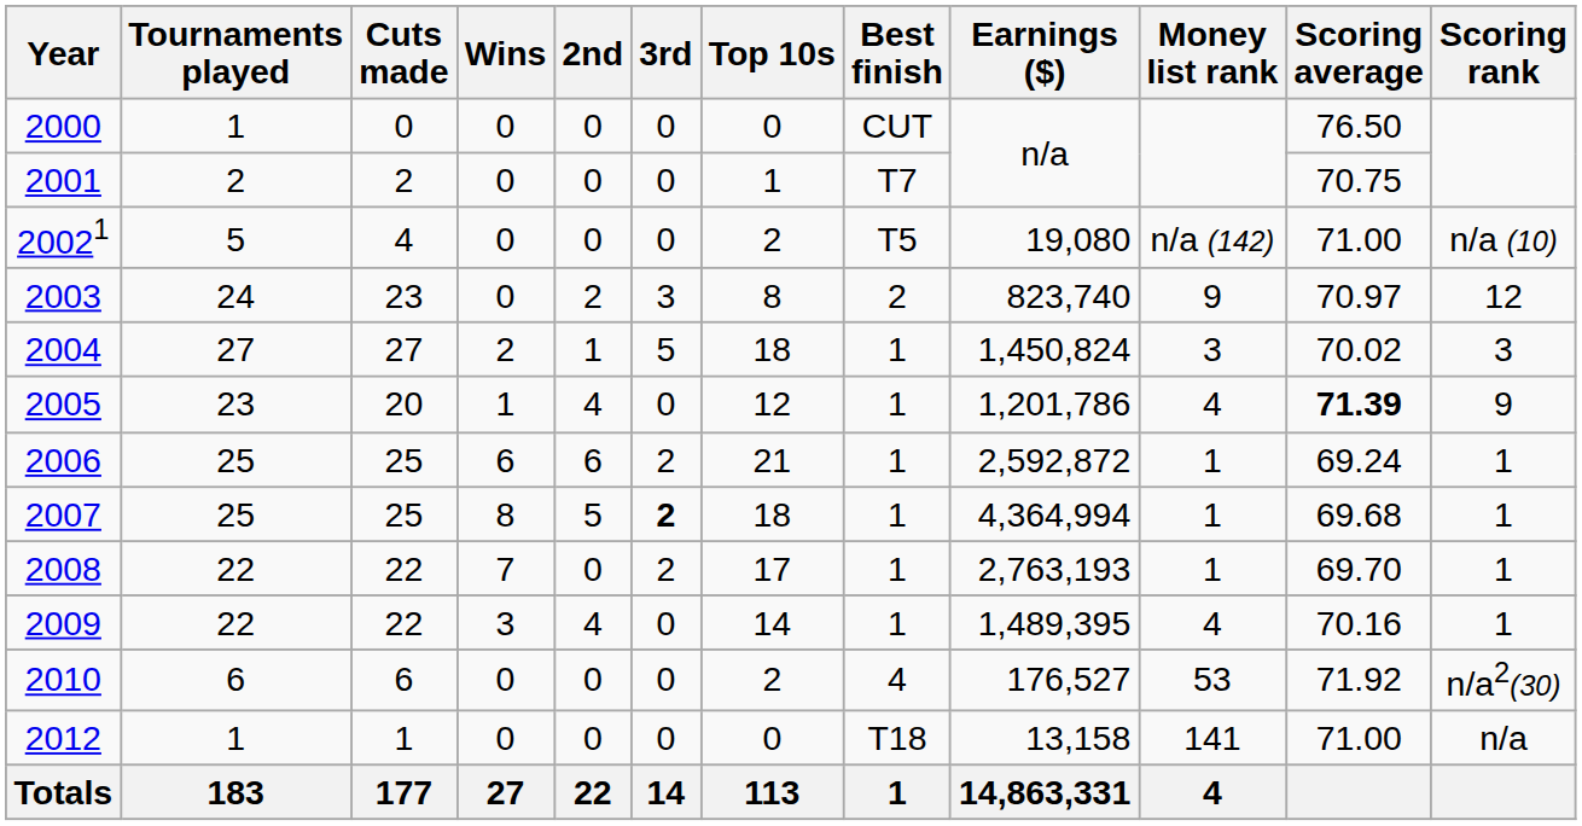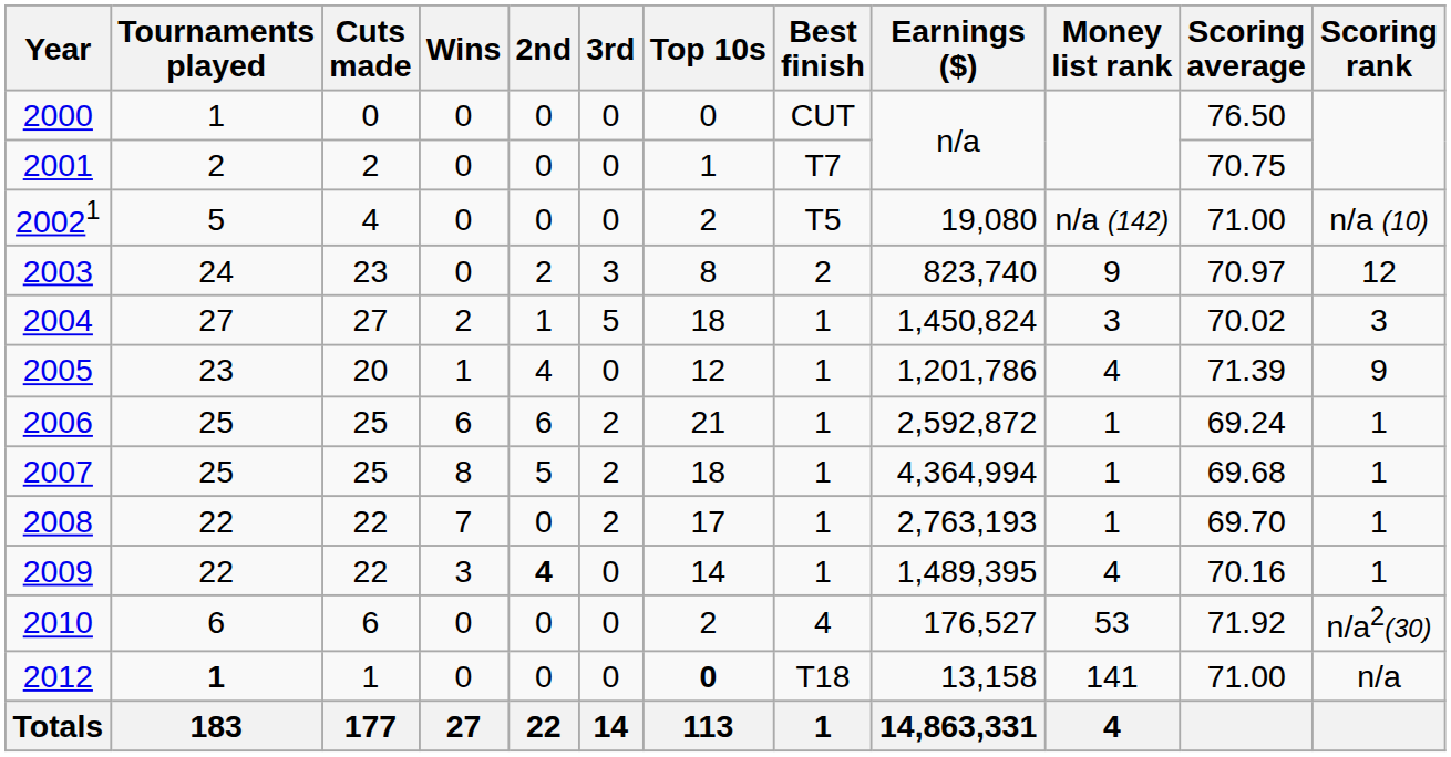 <table class="wikitable" style="text-align:center; font-size: 95%;">
 <tr>
 <th>Year</th>
 <th>Tournaments<br>played</th>
 <th>Cuts <br>made</th>
 <th>Wins</th>
 <th>2nd</th>
 <th>3rd</th>
 <th>Top 10s</th>
 <th>Best<br>finish</th>
 <th>Earnings<br>($)</th>
 <th>Money<br>list rank</th>
 <th>Scoring <br>average</th>
 <th>Scoring <br>rank</th>
 </tr>
 <tr>
 <td><a href='#'>2000</a></td>
 <td>1</td>
 <td>0</td>
 <td>0</td>
 <td>0</td>
 <td>0</td>
 <td>0</td>
 <td>CUT</td>
 <td align="center" rowspan=2>n/a</td>
 <td align="center" rowspan=2></td>
 <td>76.50</td>
 <td align="center" rowspan=2></td>
 </tr>
 <tr>
 <td><a href='#'>2001</a></td>
 <td>2</td>
 <td>2</td>
 <td>0</td>
 <td>0</td>
 <td>0</td>
 <td>1</td>
 <td>T7</td>
 <td>70.75</td>
 </tr>
 <tr>
 <td><a href='#'>2002</a><sup>1</sup></td>
 <td>5</td>
 <td>4</td>
 <td>0</td>
 <td>0</td>
 <td>0</td>
 <td>2</td>
 <td>T5</td>
 <td align="right">19,080</td>
 <td>n/a <small><em>(142)</em></small></td>
 <td>71.00</td>
 <td>n/a <small><em>(10)</em></small></td>
 </tr>
 <tr>
 <td><a href='#'>2003</a></td>
 <td>24</td>
 <td>23</td>
 <td>0</td>
 <td>2</td>
 <td>3</td>
 <td>8</td>
 <td>2</td>
 <td align="right">823,740</td>
 <td>9</td>
 <td>70.97</td>
 <td>12</td>
 </tr>
 <tr>
 <td><a href='#'>2004</a></td>
 <td>27</td>
 <td>27</td>
 <td>2</td>
 <td>1</td>
 <td>5</td>
 <td>18</td>
 <td>1</td>
 <td align="right">1,450,824</td>
 <td>3</td>
 <td>70.02</td>
 <td>3</td>
 </tr>
 <tr>
 <td><a href='#'>2005</a></td>
 <td>23</td>
 <td>20</td>
 <td>1</td>
 <td>4</td>
 <td>0</td>
 <td>12</td>
 <td>1</td>
 <td align="right">1,201,786</td>
 <td>4</td>
-<td><strong>71.39</strong></td>
+<td>71.39</td>
 <td>9</td>
 </tr>
 <tr>
 <td><a href='#'>2006</a></td>
 <td>25</td>
 <td>25</td>
 <td>6</td>
 <td>6</td>
 <td>2</td>
 <td>21</td>
 <td>1</td>
 <td align="right">2,592,872</td>
 <td>1</td>
 <td>69.24</td>
 <td>1</td>
 </tr>
 <tr>
 <td><a href='#'>2007</a></td>
 <td>25</td>
 <td>25</td>
 <td>8</td>
 <td>5</td>
-<td><strong>2</strong></td>
+<td>2</td>
 <td>18</td>
 <td>1</td>
 <td align="right">4,364,994</td>
 <td>1</td>
 <td>69.68</td>
 <td>1</td>
 </tr>
 <tr>
 <td><a href='#'>2008</a></td>
 <td>22</td>
 <td>22</td>
 <td>7</td>
 <td>0</td>
 <td>2</td>
 <td>17</td>
 <td>1</td>
 <td align="right">2,763,193</td>
 <td>1</td>
 <td>69.70</td>
 <td>1</td>
 </tr>
 <tr>
 <td><a href='#'>2009</a></td>
 <td>22</td>
 <td>22</td>
 <td>3</td>
-<td>4</td>
+<td><strong>4</strong></td>
 <td>0</td>
 <td>14</td>
 <td>1</td>
 <td align="right">1,489,395</td>
 <td>4</td>
 <td>70.16</td>
 <td>1</td>
 </tr>
 <tr>
 <td><a href='#'>2010</a></td>
 <td>6</td>
 <td>6</td>
 <td>0</td>
 <td>0</td>
 <td>0</td>
 <td>2</td>
 <td>4</td>
 <td align="right">176,527</td>
 <td>53</td>
 <td>71.92</td>
 <td>n/a<sup>2</sup><small><em>(30)</em></small></td>
 </tr>
 <tr>
 <td><a href='#'>2012</a></td>
-<td>1</td>
+<td><strong>1</strong></td>
 <td>1</td>
 <td>0</td>
 <td>0</td>
 <td>0</td>
-<td>0</td>
+<td><strong>0</strong></td>
 <td>T18</td>
 <td align="right">13,158</td>
 <td>141</td>
 <td>71.00</td>
 <td>n/a</td>
 </tr>
 <tr>
 <th>Totals</th>
 <th>183</th>
 <th>177</th>
 <th>27</th>
 <th>22</th>
 <th>14</th>
 <th>113</th>
 <th>1</th>
 <th>14,863,331</th>
 <th>4</th>
 <th></th>
 <th></th>
 </tr>
 </table>
